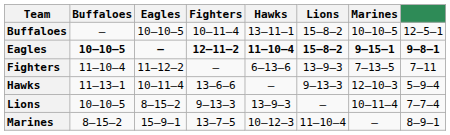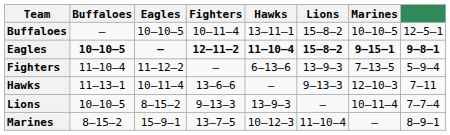 <table class="wikitable plainrowheaders" style="text-align:center;">
 <tr>
 <th>Team</th>
 <th>Buffaloes</th>
 <th>Eagles</th>
 <th>Fighters</th>
 <th>Hawks</th>
 <th>Lions</th>
 <th>Marines</th>
 <th style="background:#2e8b57; color:white;"></th>
 </tr>
 <tr>
 <th scope="row" style="text-align:left;">Buffaloes</th>
 <td>—</td>
 <td>10–10–5</td>
 <td>10–11–4</td>
 <td>13–11–1</td>
 <td>15–8–2</td>
 <td>10–10–5</td>
 <td>12–5–1</td>
 </tr>
 <tr>
 <th scope="row" style="text-align:left;"><strong>Eagles</strong></th>
 <td><strong>10–10–5</strong></td>
 <td><strong>—</strong></td>
 <td><strong>12–11–2</strong></td>
 <td><strong>11–10–4</strong></td>
 <td><strong>15–8–2</strong></td>
 <td><strong>9–15–1</strong></td>
 <td><strong>9–8–1</strong></td>
 </tr>
 <tr>
 <th scope="row" style="text-align:left;">Fighters</th>
 <td>11–10–4</td>
 <td>11–12–2</td>
 <td>—</td>
 <td>6–13–6</td>
 <td>13–9–3</td>
 <td>7–13–5</td>
-<td>7–11</td>
+<td>5–9–4</td>
 </tr>
 <tr>
 <th scope="row" style="text-align:left;">Hawks</th>
 <td>11–13–1</td>
 <td>10–11–4</td>
 <td>13–6–6</td>
 <td>—</td>
 <td>9–13–3</td>
 <td>12–10–3</td>
-<td>5–9–4</td>
+<td>7–11</td>
 </tr>
 <tr>
 <th scope="row" style="text-align:left;">Lions</th>
 <td>10–10–5</td>
 <td>8–15–2</td>
 <td>9–13–3</td>
 <td>13–9–3</td>
 <td>—</td>
 <td>10–11–4</td>
 <td>7–7–4</td>
 </tr>
 <tr>
 <th scope="row" style="text-align:left;">Marines</th>
 <td>8–15–2</td>
 <td>15–9–1</td>
 <td>13–7–5</td>
 <td>10–12–3</td>
 <td>11–10–4</td>
 <td>—</td>
 <td>8–9–1</td>
 </tr>
 </table>
